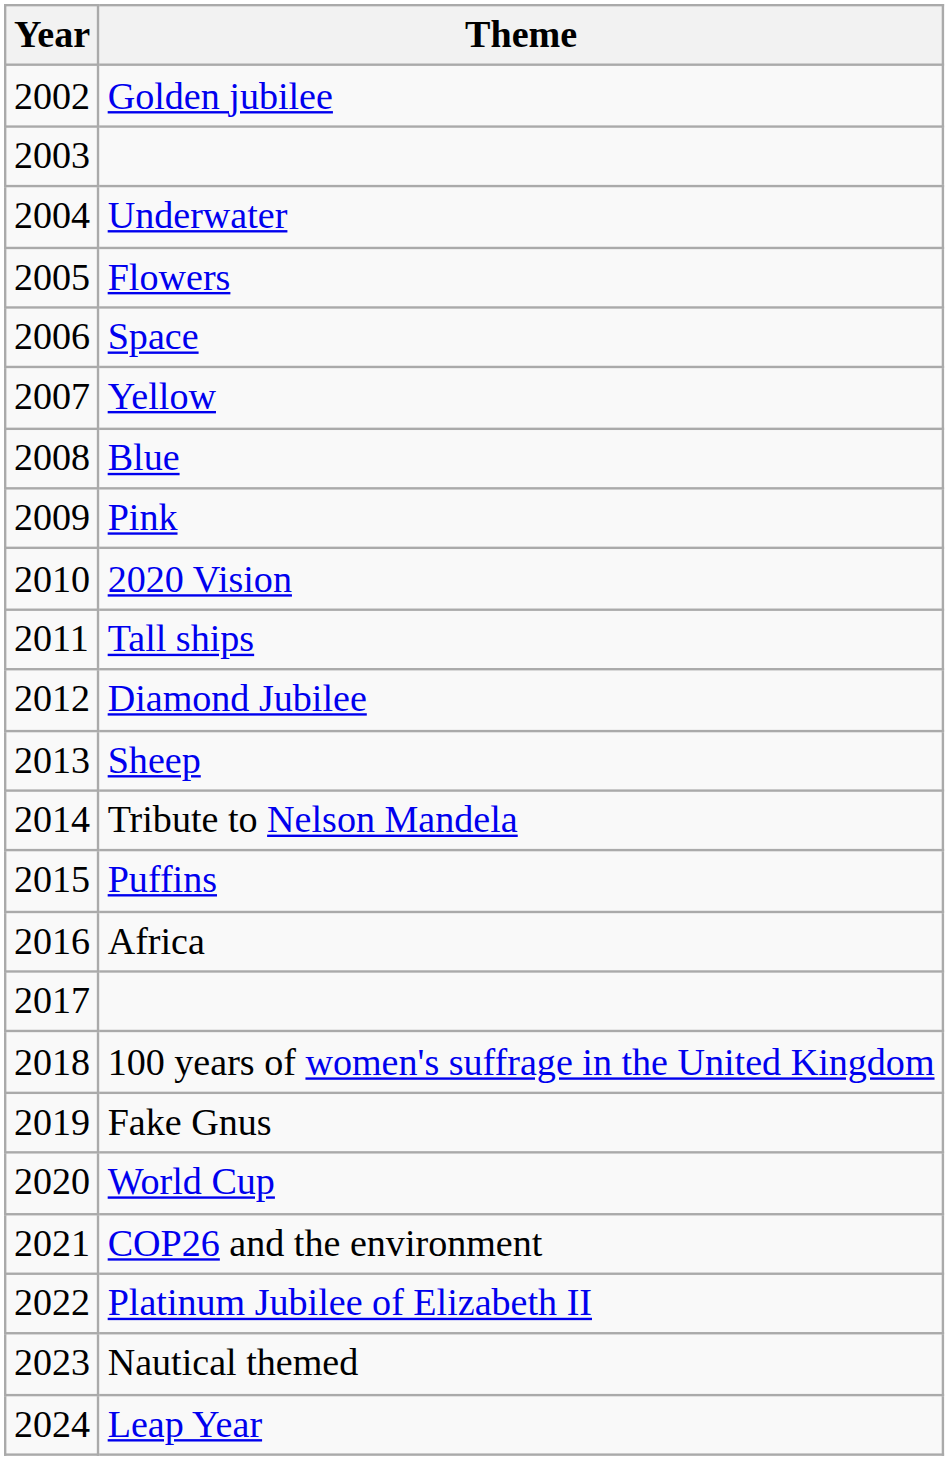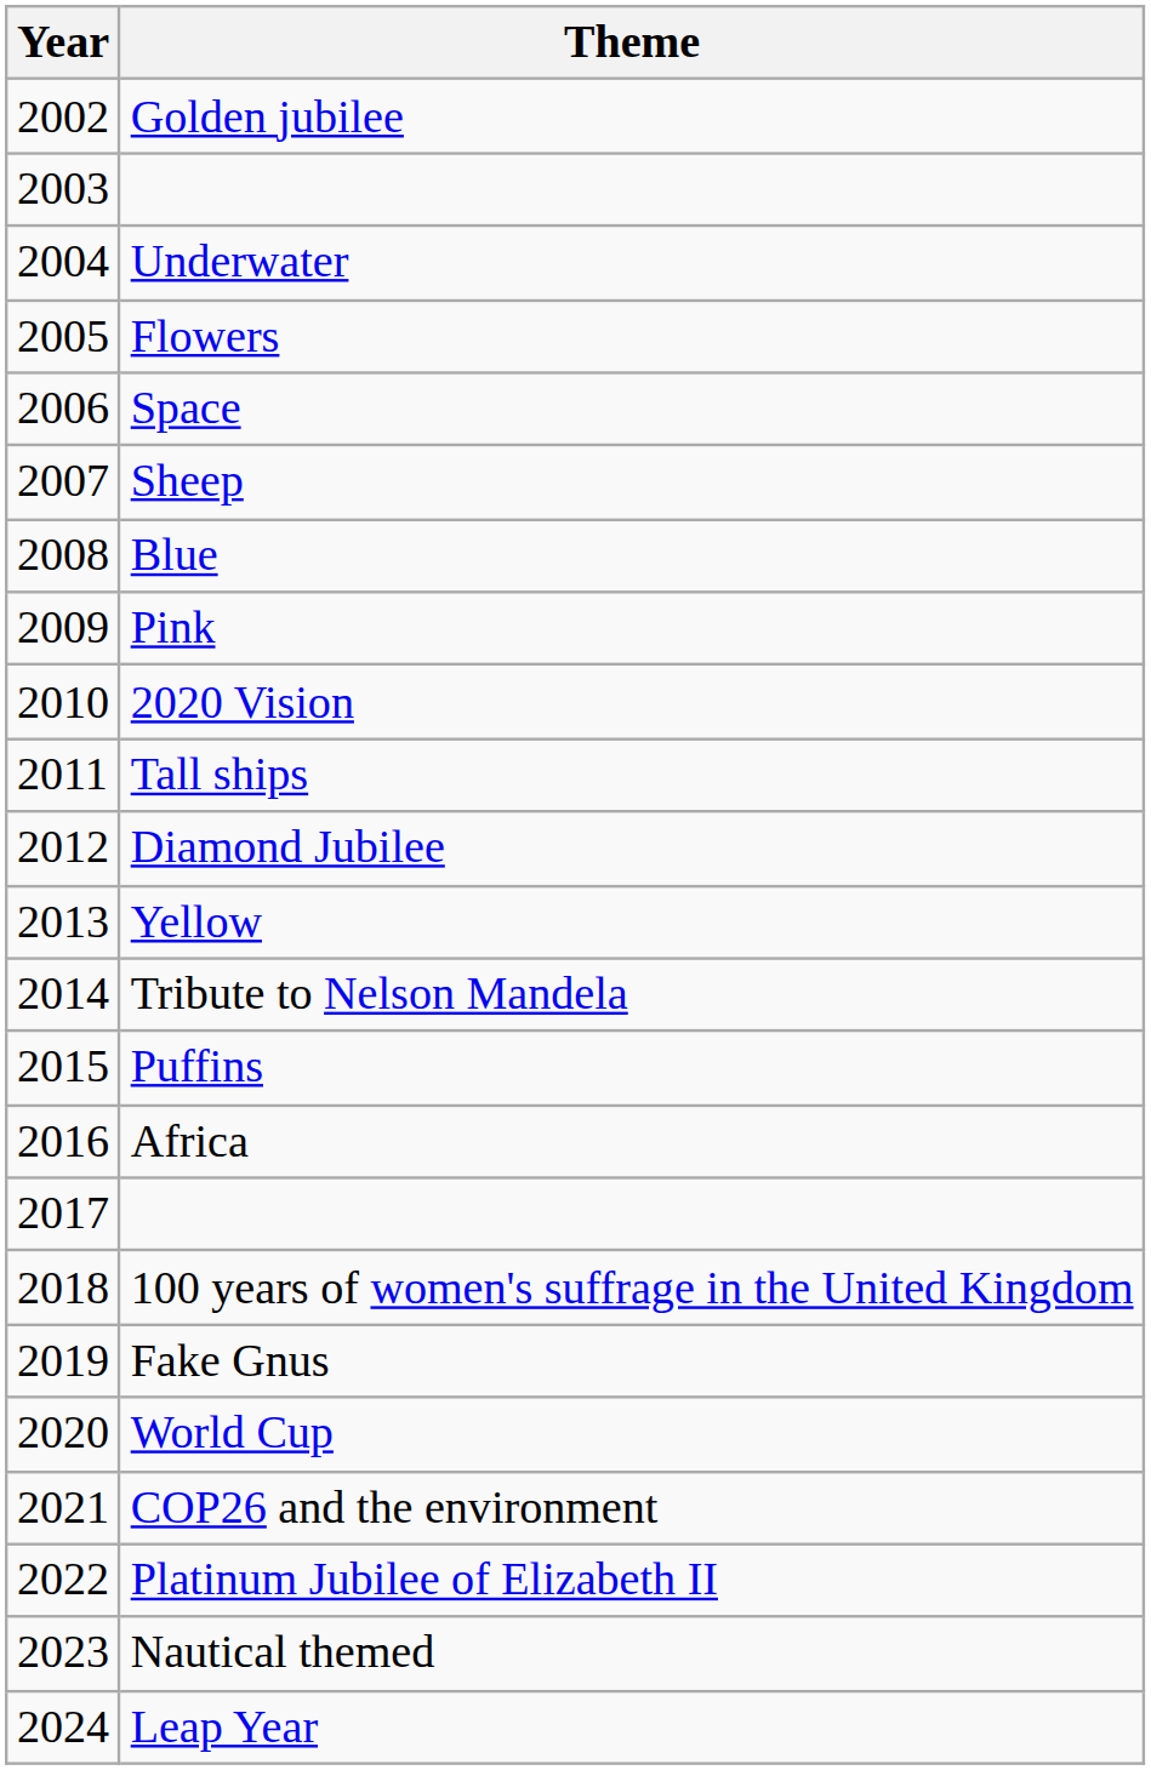 <table class="wikitable sortable">
 <tr>
 <th>Year</th>
 <th>Theme</th>
 </tr>
 <tr>
 <td>2002</td>
 <td><a href='#'>Golden jubilee</a></td>
 </tr>
 <tr>
 <td>2003</td>
 </tr>
 <tr>
 <td>2004</td>
 <td><a href='#'>Underwater</a></td>
 </tr>
 <tr>
 <td>2005</td>
 <td><a href='#'>Flowers</a></td>
 </tr>
 <tr>
 <td>2006</td>
 <td><a href='#'>Space</a></td>
 </tr>
 <tr>
 <td>2007</td>
-<td><a href='#'>Yellow</a></td>
+<td><a href='#'>Sheep</a></td>
 </tr>
 <tr>
 <td>2008</td>
 <td><a href='#'>Blue</a></td>
 </tr>
 <tr>
 <td>2009</td>
 <td><a href='#'>Pink</a></td>
 </tr>
 <tr>
 <td>2010</td>
 <td><a href='#'>2020 Vision</a></td>
 </tr>
 <tr>
 <td>2011</td>
 <td><a href='#'>Tall ships</a></td>
 </tr>
 <tr>
 <td>2012</td>
 <td><a href='#'>Diamond Jubilee</a></td>
 </tr>
 <tr>
 <td>2013</td>
-<td><a href='#'>Sheep</a></td>
+<td><a href='#'>Yellow</a></td>
 </tr>
 <tr>
 <td>2014</td>
 <td>Tribute to <a href='#'>Nelson Mandela</a></td>
 </tr>
 <tr>
 <td>2015</td>
 <td><a href='#'>Puffins</a></td>
 </tr>
 <tr>
 <td>2016</td>
 <td>Africa</td>
 </tr>
 <tr>
 <td>2017</td>
 <td></td>
 </tr>
 <tr>
 <td>2018</td>
 <td>100 years of <a href='#'>women's suffrage in the United Kingdom</a></td>
 </tr>
 <tr>
 <td>2019</td>
 <td>Fake Gnus</td>
 </tr>
 <tr>
 <td>2020</td>
 <td><a href='#'>World Cup</a></td>
 </tr>
 <tr>
 <td>2021</td>
 <td><a href='#'>COP26</a> and the environment</td>
 </tr>
 <tr>
 <td>2022</td>
 <td><a href='#'>Platinum Jubilee of Elizabeth II</a></td>
 </tr>
 <tr>
 <td>2023</td>
 <td>Nautical themed</td>
 </tr>
 <tr>
 <td>2024</td>
 <td><a href='#'>Leap Year</a></td>
 </tr>
 </table>
